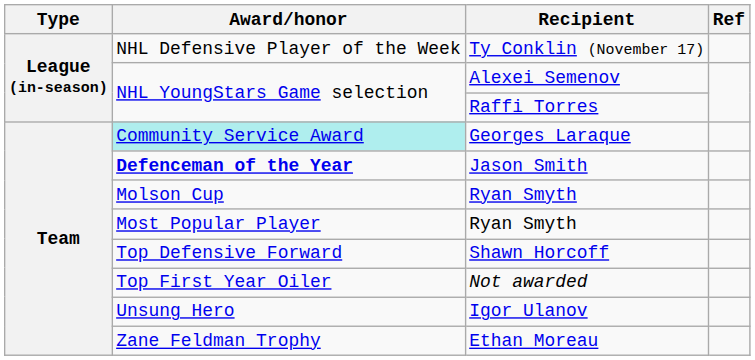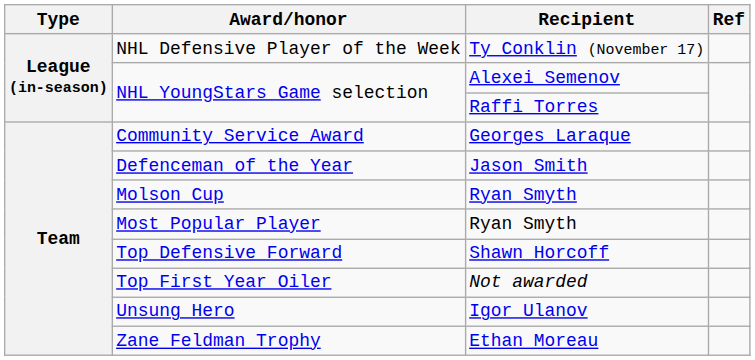 <table class="wikitable">
 <tr>
 <th scope="col">Type</th>
 <th scope="col">Award/honor</th>
 <th scope="col">Recipient</th>
 <th scope="col">Ref</th>
 </tr>
 <tr>
 <th scope="row" rowspan="3">League<br><small>(in-season)</small></th>
 <td>NHL Defensive Player of the Week</td>
 <td><a href='#'>Ty Conklin</a> <small>(November 17)</small></td>
 <td></td>
 </tr>
 <tr>
 <td rowspan="2"><a href='#'>NHL YoungStars Game</a> selection</td>
 <td><a href='#'>Alexei Semenov</a></td>
 <td rowspan="2"></td>
 </tr>
 <tr>
 <td><a href='#'>Raffi Torres</a></td>
 </tr>
 <tr>
 <th scope="row" rowspan="8">Team</th>
-<td style="background: paleturquoise;"><a href='#'>Community Service Award</a></td>
+<td><a href='#'>Community Service Award</a></td>
 <td><a href='#'>Georges Laraque</a></td>
 <td></td>
 </tr>
 <tr>
-<td><strong><a href='#'>Defenceman of the Year</a></strong></td>
+<td><a href='#'>Defenceman of the Year</a></td>
 <td><a href='#'>Jason Smith</a></td>
 <td></td>
 </tr>
 <tr>
 <td><a href='#'>Molson Cup</a></td>
 <td><a href='#'>Ryan Smyth</a></td>
 <td></td>
 </tr>
 <tr>
 <td><a href='#'>Most Popular Player</a></td>
 <td>Ryan Smyth</td>
 <td></td>
 </tr>
 <tr>
 <td><a href='#'>Top Defensive Forward</a></td>
 <td><a href='#'>Shawn Horcoff</a></td>
 <td></td>
 </tr>
 <tr>
 <td><a href='#'>Top First Year Oiler</a></td>
 <td><em>Not awarded</em></td>
 <td></td>
 </tr>
 <tr>
 <td><a href='#'>Unsung Hero</a></td>
 <td><a href='#'>Igor Ulanov</a></td>
 <td></td>
 </tr>
 <tr>
 <td><a href='#'>Zane Feldman Trophy</a></td>
 <td><a href='#'>Ethan Moreau</a></td>
 <td></td>
 </tr>
 </table>
